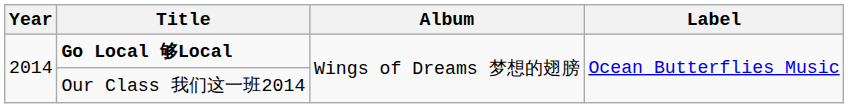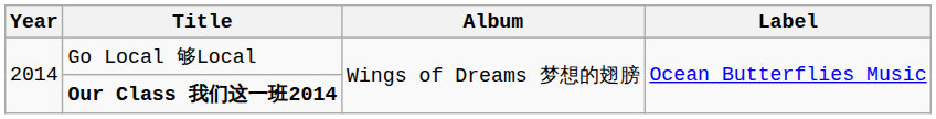 <table class="wikitable">
 <tr>
 <th>Year</th>
 <th>Title</th>
 <th>Album</th>
 <th>Label</th>
 </tr>
 <tr>
 <td rowspan="2">2014</td>
-<td><strong>Go Local 够Local</strong></td>
+<td>Go Local 够Local</td>
 <td rowspan="2">Wings of Dreams 梦想的翅膀</td>
 <td rowspan="2"><a href='#'>Ocean Butterflies Music</a></td>
 </tr>
 <tr>
-<td>Our Class 我们这一班2014</td>
+<td><strong>Our Class 我们这一班2014</strong></td>
 </tr>
 </table>
